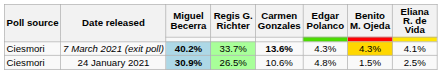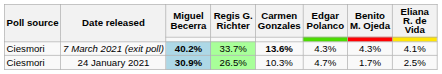 <table class="wikitable" style="text-align:center;font-size:90%;line-height:14px;">
 <tr>
 <th rowspan="2">Poll source</th>
 <th rowspan="2">Date released</th>
 <th style="width:60px">Miguel Becerra</th>
 <th style="width:60px">Regis G. Richter</th>
 <th style="width:60px">Carmen Gonzales</th>
 <th style="width:60px">Edgar Polanco</th>
 <th style="width:60px">Benito M. Ojeda</th>
 <th style="width:60px">Eliana R. de Vida</th>
 </tr>
 <tr>
 <td style="background:"></td>
 <td style="background:"></td>
 <td style="background:"></td>
 <td style="background:#4BDB01;"></td>
 <td style="background:#FF0103;"></td>
 <td style="background:#FFE504;"></td>
 </tr>
 <tr>
 <td style="text-align:left;">Ciesmori</td>
 <td><em>7 March 2021 (exit poll)</em></td>
 <td style="background:lightblue"><strong>40.2%</strong></td>
 <td style="background:#A8FF99">33.7%</td>
 <td><strong>13.6%</strong></td>
 <td>4.3%</td>
-<td style="background: gold;">4.3%</td>
+<td>4.3%</td>
 <td>4.1%</td>
 </tr>
 <tr>
 <td style="text-align:left;">Ciesmori</td>
 <td>24 January 2021</td>
 <td style="background:lightblue"><strong>30.9%</strong></td>
 <td style="background:#A8FF99">26.5%</td>
-<td>10.6%</td>
-<td>4.8%</td>
-<td>1.5%</td>
+<td>10.3%</td>
+<td>4.7%</td>
+<td>1.7%</td>
 <td>2.5%</td>
 </tr>
 </table>
